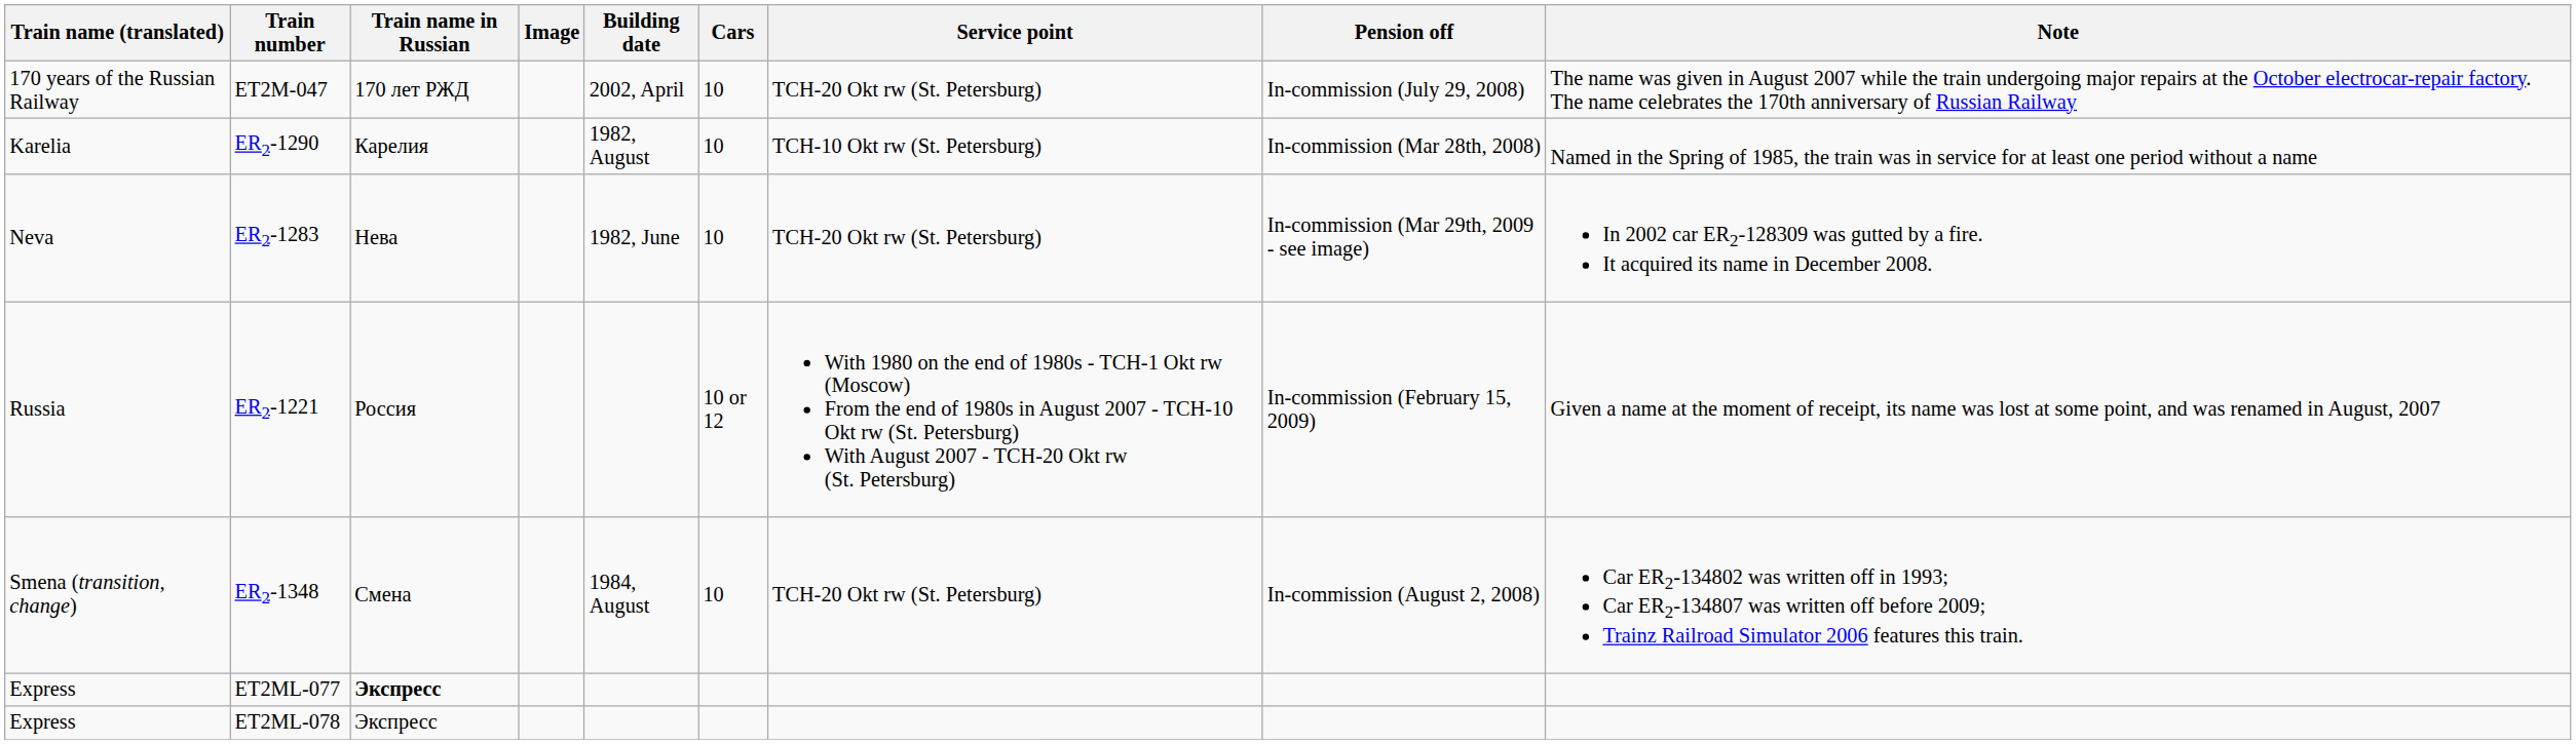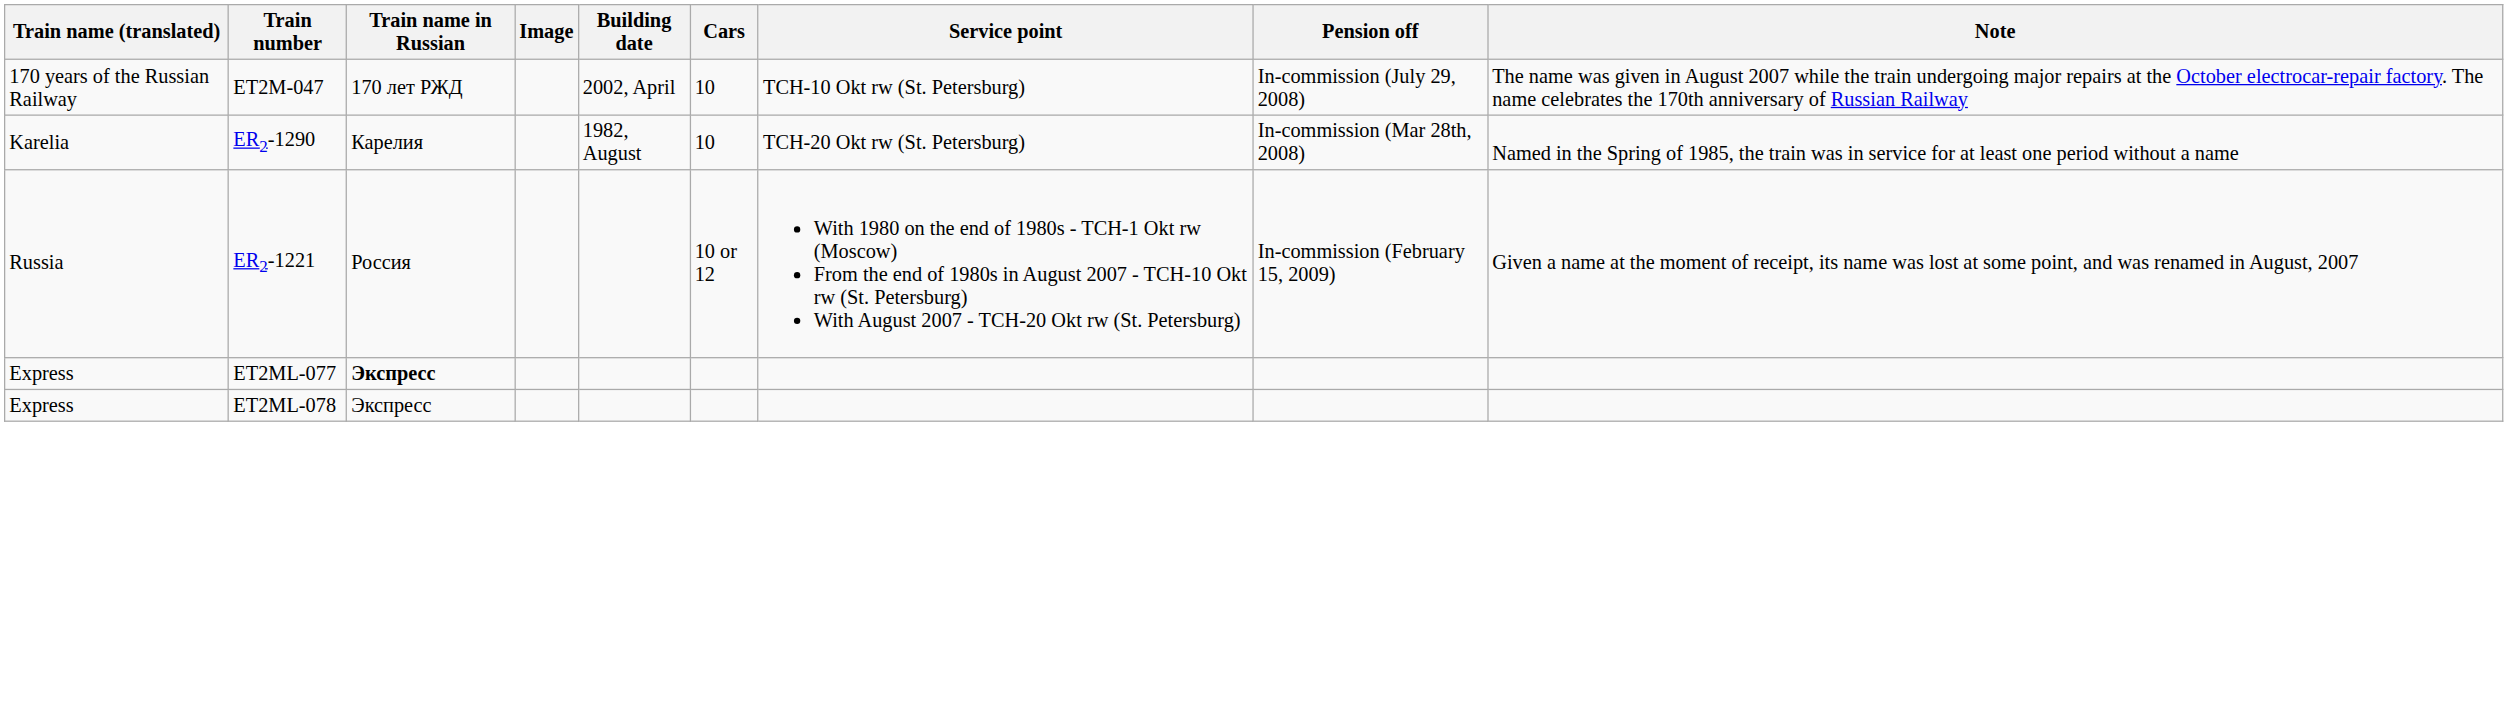 <table class="wikitable sortable" border="1">
 <tr>
 <th>Train name (translated)</th>
 <th>Train number</th>
 <th>Train name in Russian</th>
 <th>Image</th>
 <th>Building date</th>
 <th>Cars</th>
 <th>Service point</th>
 <th>Pension off</th>
 <th>Note</th>
 </tr>
 <tr>
 <td>170 years of the Russian Railway</td>
 <td>ET2M-047</td>
 <td>170 лет РЖД</td>
 <td></td>
 <td>2002, April</td>
 <td>10</td>
-<td>TCH-20 Okt rw (St. Petersburg)</td>
+<td>TCH-10 Okt rw (St. Petersburg)</td>
 <td>In-commission (July 29, 2008)</td>
 <td>The name was given in August 2007 while the train undergoing major repairs at the <a href='#'>October electrocar-repair factory</a>. The name celebrates the 170th anniversary of <a href='#'>Russian Railway</a></td>
 </tr>
 <tr>
 <td>Karelia</td>
 <td><a href='#'>ER<sub>2</sub></a>-1290</td>
 <td>Карелия</td>
 <td></td>
 <td>1982, August</td>
 <td>10</td>
-<td>TCH-10 Okt rw (St. Petersburg)</td>
+<td>TCH-20 Okt rw (St. Petersburg)</td>
 <td>In-commission (Mar 28th, 2008)</td>
 <td><br>Named in the Spring of 1985, the train was in service for at least one period without a name </td>
-</tr>
-<tr>
-<td>Neva</td>
-<td><a href='#'>ER<sub>2</sub></a>-1283</td>
-<td>Нева</td>
-<td></td>
-<td>1982, June</td>
-<td>10</td>
-<td>TCH-20 Okt rw (St. Petersburg)</td>
-<td>In-commission (Mar 29th, 2009 - see image)</td>
-<td><br><ul><li>In 2002 car ER<sub>2</sub>-128309 was gutted by a fire.</li><li>It acquired its name in December 2008.</li></ul></td>
 </tr>
 <tr>
 <td>Russia</td>
 <td><a href='#'>ER<sub>2</sub></a>-1221</td>
 <td>Россия</td>
 <td></td>
 <td></td>
 <td>10 or 12</td>
 <td><br><ul><li>With 1980 on the end of 1980s - TCH-1 Okt rw (Moscow)</li><li>From the end of 1980s in August 2007 - TCH-10 Okt rw (St. Petersburg)</li><li>With August 2007 - TCH-20 Okt rw (St. Petersburg)</li></ul></td>
 <td>In-commission (February 15, 2009)</td>
 <td>Given a name at the moment of receipt, its name was lost at some point, and was renamed in August, 2007</td>
-</tr>
-<tr>
-<td>Smena (<em>transition, сhange</em>)</td>
-<td><a href='#'>ER<sub>2</sub></a>-1348</td>
-<td>Смена</td>
-<td></td>
-<td>1984, August</td>
-<td>10</td>
-<td>TCH-20 Okt rw (St. Petersburg)</td>
-<td>In-commission (August 2, 2008)</td>
-<td><br><ul><li>Car ER<sub>2</sub>-134802 was written off in 1993;</li><li>Car ER<sub>2</sub>-134807 was written off before 2009;</li><li><a href='#'>Trainz Railroad Simulator 2006</a> features this train.</li></ul></td>
 </tr>
 <tr>
 <td>Express</td>
 <td>ET2ML-077</td>
 <td><strong>Экспресс</strong></td>
 <td></td>
 <td></td>
 <td></td>
 <td></td>
 <td></td>
 <td></td>
 </tr>
 <tr>
 <td>Express</td>
 <td>ET2ML-078</td>
 <td>Экспресс</td>
 <td></td>
 <td></td>
 <td></td>
 <td></td>
 <td></td>
 <td></td>
 </tr>
 </table>
